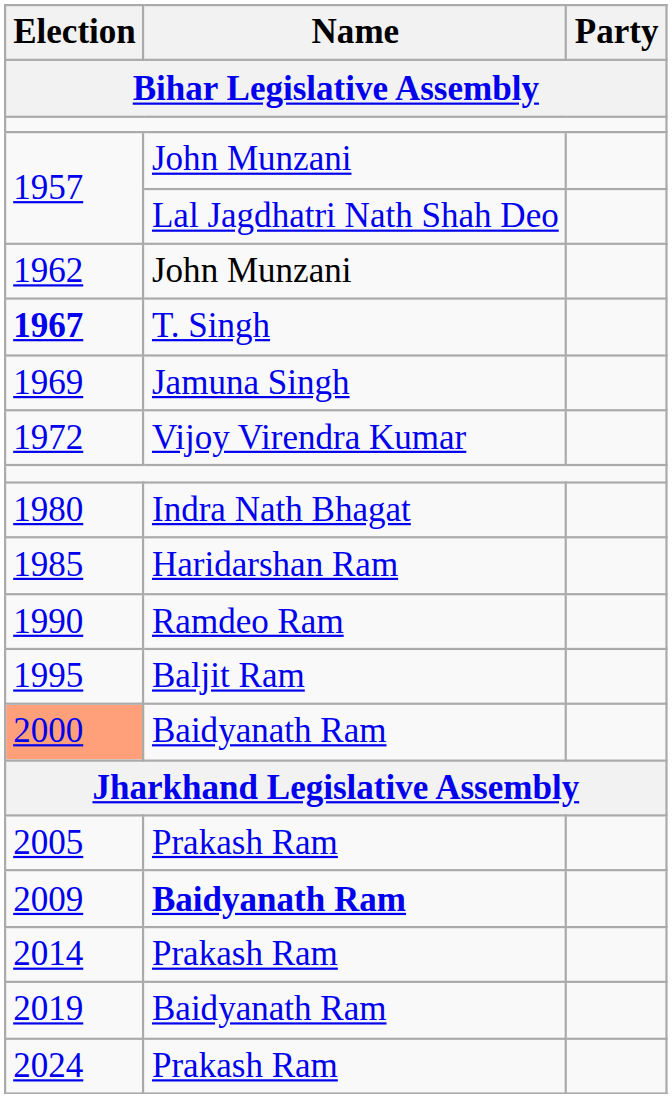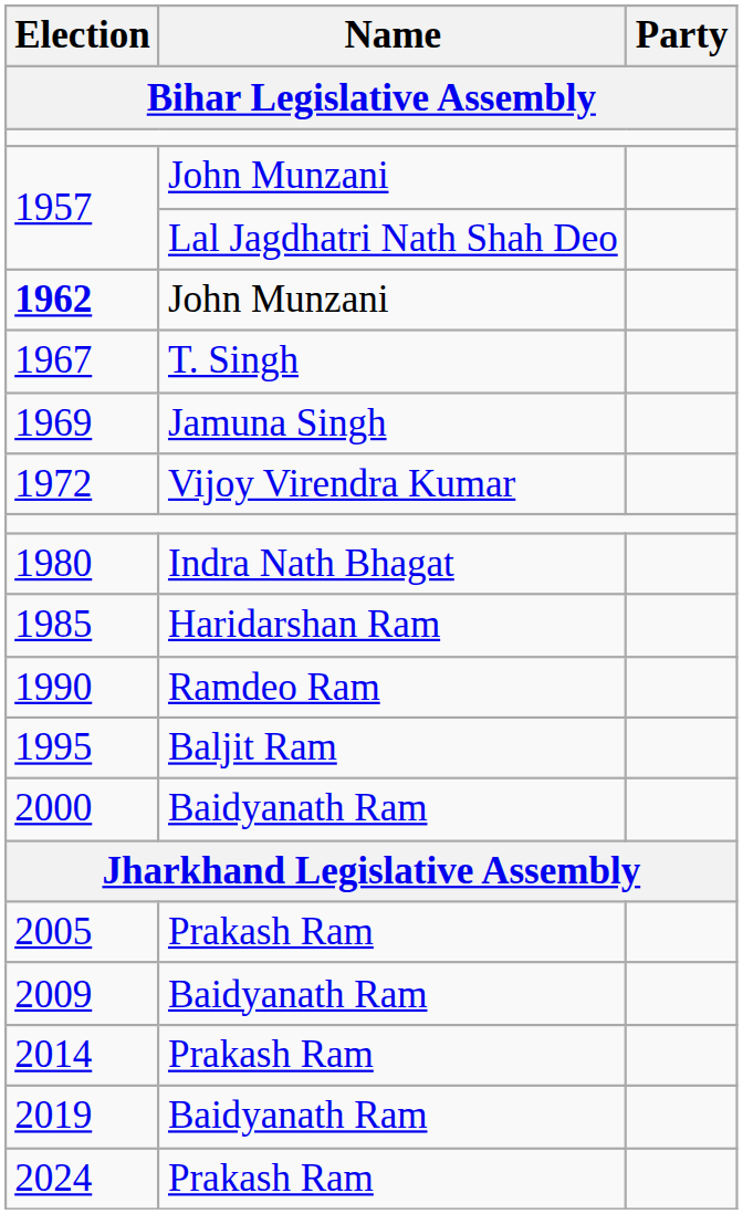 <table class="wikitable sortable">
 <tr>
 <th>Election</th>
 <th>Name</th>
 <th colspan=2>Party</th>
 </tr>
 <tr>
 <th colspan=4><a href='#'>Bihar Legislative Assembly</a></th>
 </tr>
 <tr>
 <td colspan="4"></td>
 </tr>
 <tr>
 <td rowspan=2><a href='#'>1957</a></td>
 <td><a href='#'>John Munzani</a></td>
 <td></td>
 </tr>
 <tr>
 <td><a href='#'>Lal Jagdhatri Nath Shah Deo</a></td>
 </tr>
 <tr>
-<td><a href='#'>1962</a></td>
+<td><strong><a href='#'>1962</a></strong></td>
 <td>John Munzani</td>
 <td></td>
 </tr>
 <tr>
-<td><strong><a href='#'>1967</a></strong></td>
+<td><a href='#'>1967</a></td>
 <td><a href='#'>T. Singh</a></td>
 <td></td>
 </tr>
 <tr>
 <td><a href='#'>1969</a></td>
 <td><a href='#'>Jamuna Singh</a></td>
 <td></td>
 </tr>
 <tr>
 <td><a href='#'>1972</a></td>
 <td><a href='#'>Vijoy Virendra Kumar</a></td>
 <td></td>
 </tr>
 <tr>
 <td colspan="4"></td>
 </tr>
 <tr>
 <td><a href='#'>1980</a></td>
 <td><a href='#'>Indra Nath Bhagat</a></td>
 <td></td>
 </tr>
 <tr>
 <td><a href='#'>1985</a></td>
 <td><a href='#'>Haridarshan Ram</a></td>
 </tr>
 <tr>
 <td><a href='#'>1990</a></td>
 <td><a href='#'>Ramdeo Ram</a></td>
 <td></td>
 </tr>
 <tr>
 <td><a href='#'>1995</a></td>
 <td><a href='#'>Baljit Ram</a></td>
 <td></td>
 </tr>
 <tr>
-<td style="background: lightsalmon;"><a href='#'>2000</a></td>
+<td><a href='#'>2000</a></td>
 <td><a href='#'>Baidyanath Ram</a></td>
 <td></td>
 </tr>
 <tr>
 <th colspan=4><a href='#'>Jharkhand Legislative Assembly</a></th>
 </tr>
 <tr>
 <td><a href='#'>2005</a></td>
 <td><a href='#'>Prakash Ram</a></td>
 <td></td>
 </tr>
 <tr>
 <td><a href='#'>2009</a></td>
-<td><strong><a href='#'>Baidyanath Ram</a></strong></td>
+<td><a href='#'>Baidyanath Ram</a></td>
 <td></td>
 </tr>
 <tr>
 <td><a href='#'>2014</a></td>
 <td><a href='#'>Prakash Ram</a></td>
 <td></td>
 </tr>
 <tr>
 <td><a href='#'>2019</a></td>
 <td><a href='#'>Baidyanath Ram</a></td>
 <td></td>
 </tr>
 <tr>
 <td><a href='#'>2024</a></td>
 <td><a href='#'>Prakash Ram</a></td>
 <td></td>
 </tr>
 </table>
